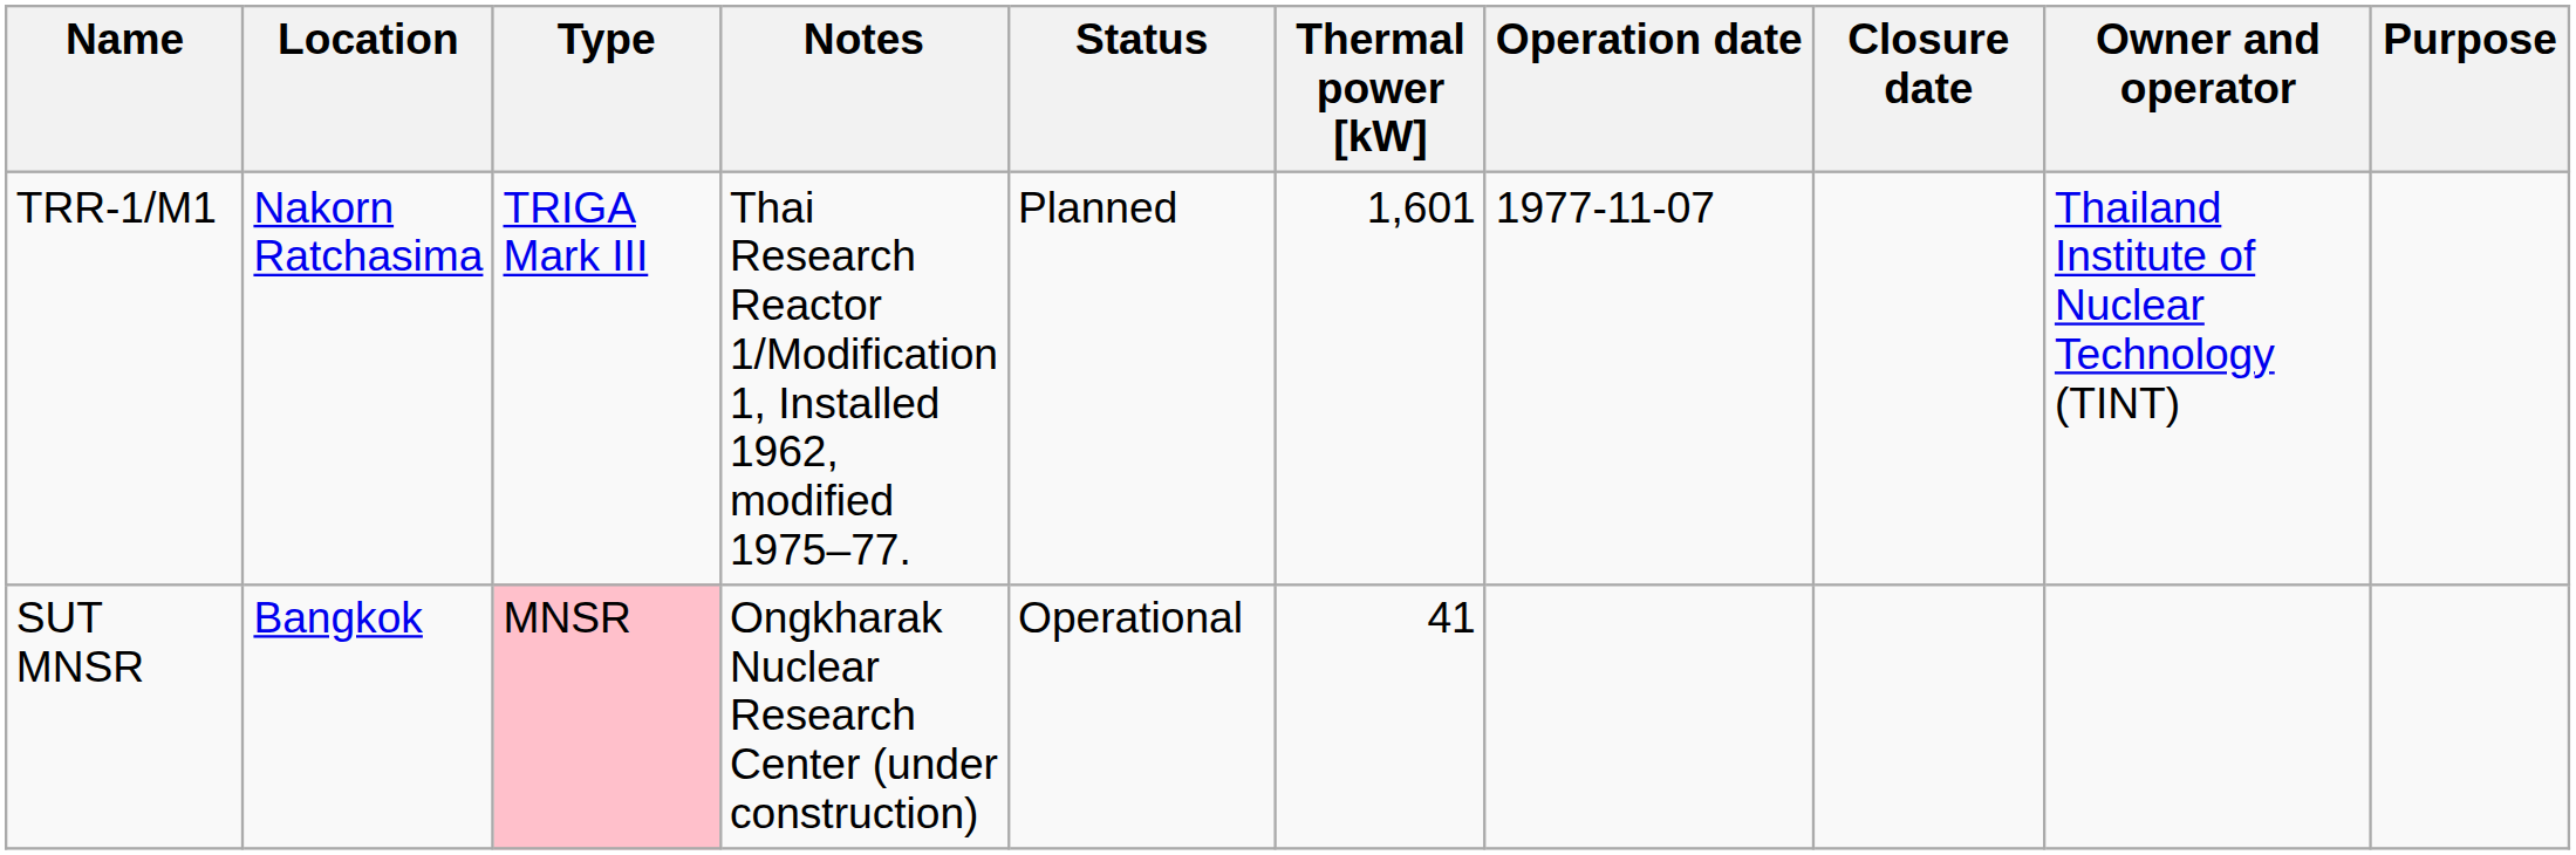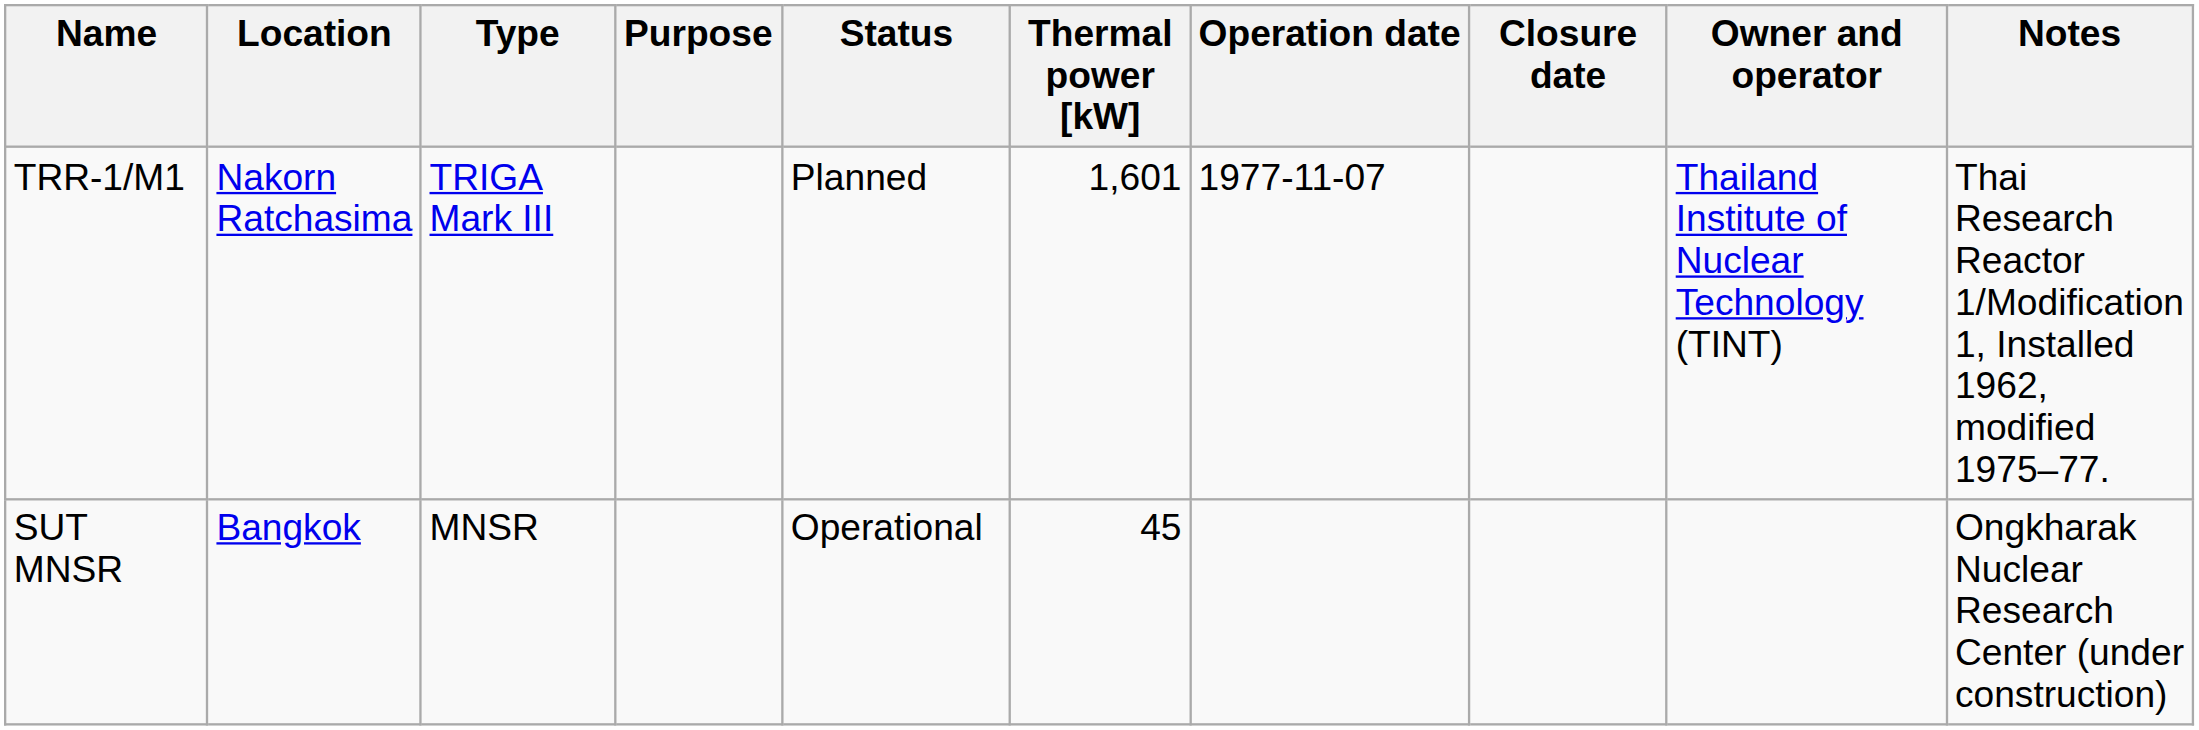 <table class="wikitable" >
 <tr valign="top">
 <th width="80">Name</th>
 <th width="65">Location</th>
 <th width="76">Type</th>
-<th width="65">Notes</th>
+<th width="65">Purpose</th>
 <th width="91">Status</th>
 <th width="70“">Thermal power [kW]</th>
 <th width=„67“>Operation date</th>
 <th width="78“">Closure date</th>
 <th width="113“">Owner and operator</th>
-<th width="65">Purpose</th>
+<th width="65">Notes</th>
 </tr>
 <tr valign="top">
 <td>TRR-1/M1</td>
 <td><a href='#'>Nakorn Ratchasima</a></td>
 <td><a href='#'>TRIGA Mark III</a></td>
-<td>Thai Research Reactor 1/Modification 1, Installed 1962, modified 1975–77.</td>
+<td></td>
 <td>Planned</td>
 <td align="right">1,601</td>
 <td>1977-11-07</td>
 <td></td>
 <td><a href='#'>Thailand Institute of Nuclear Technology</a> (TINT)</td>
-<td></td>
+<td>Thai Research Reactor 1/Modification 1, Installed 1962, modified 1975–77.</td>
 </tr>
 <tr valign="top">
 <td>SUT MNSR</td>
 <td><a href='#'>Bangkok</a></td>
-<td style="background: pink;">MNSR</td>
-<td>Ongkharak Nuclear Research Center (under construction)</td>
+<td>MNSR</td>
+<td></td>
 <td>Operational</td>
-<td align="right">41</td>
+<td align="right">45</td>
 <td> </td>
 <td></td>
 <td></td>
-<td></td>
+<td>Ongkharak Nuclear Research Center (under construction)</td>
 </tr>
 </table>
